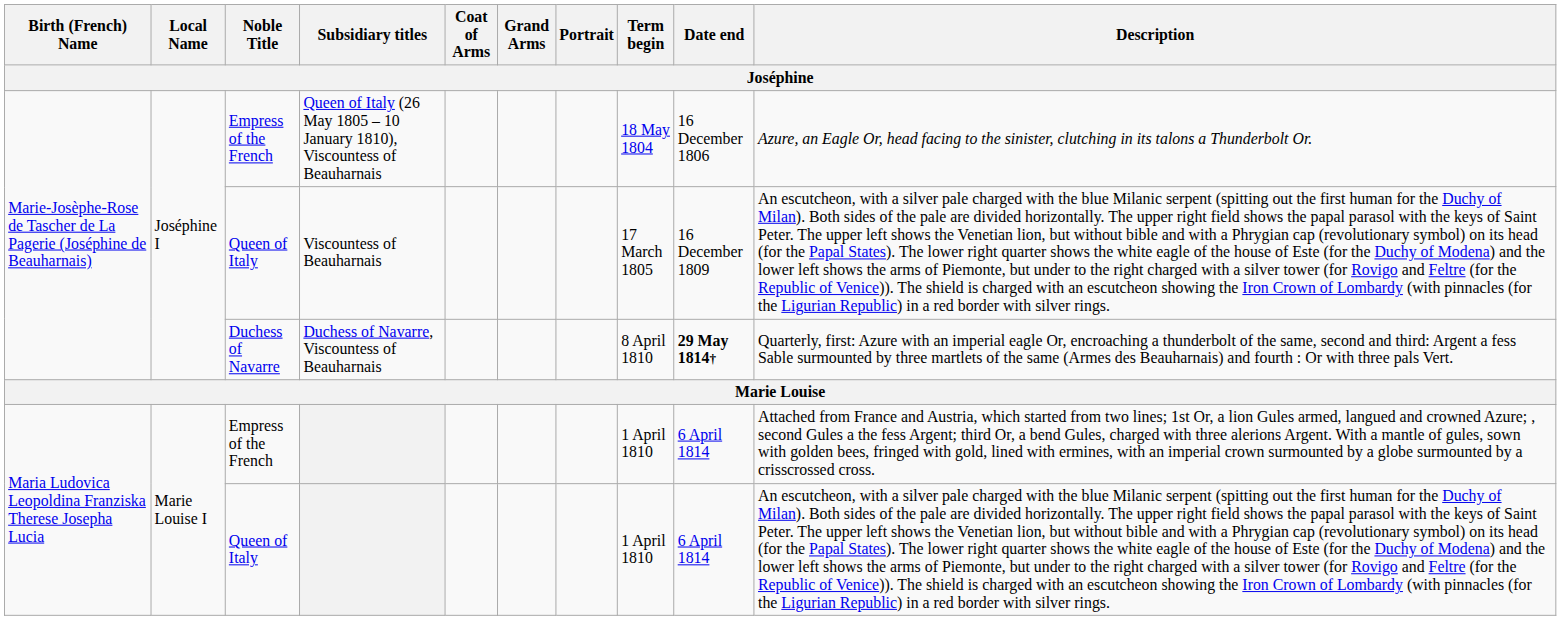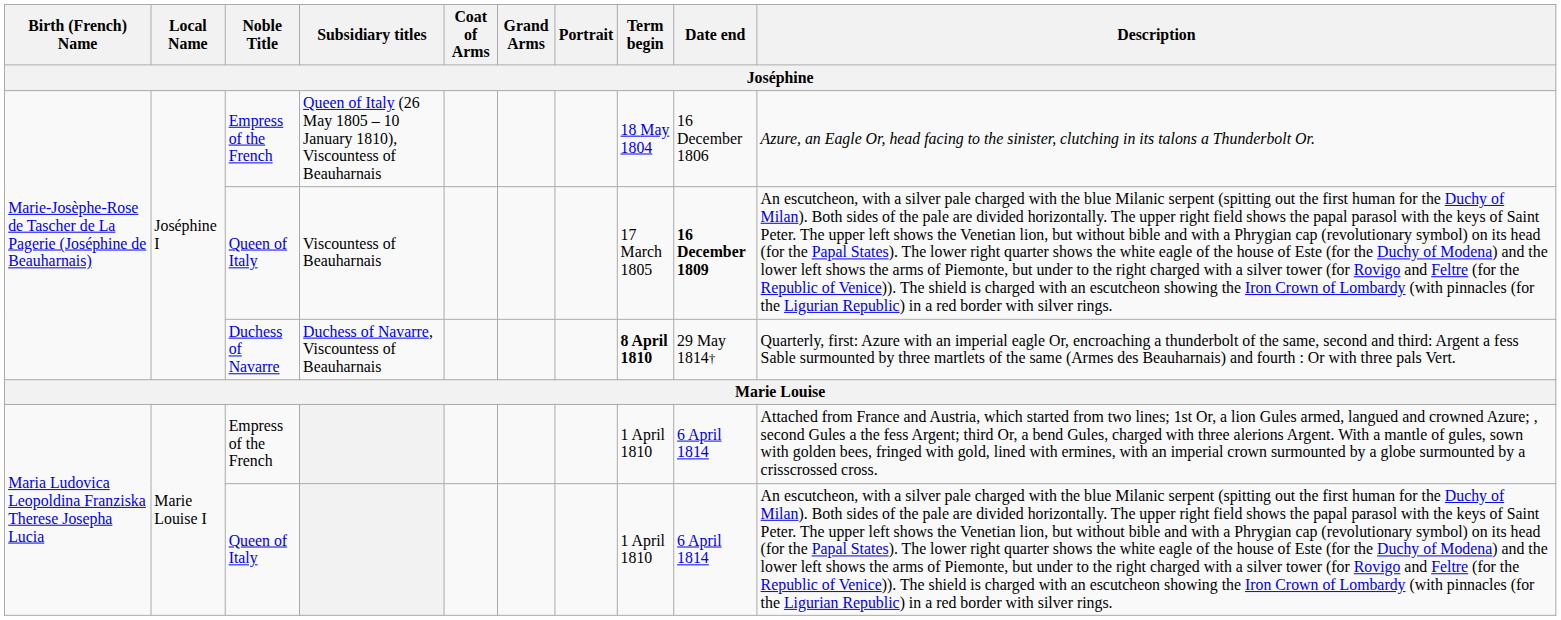 <table class="wikitable">
 <tr>
 <th>Birth (French) Name</th>
 <th>Local Name</th>
 <th>Noble Title</th>
 <th>Subsidiary titles</th>
 <th>Coat of Arms</th>
 <th>Grand Arms</th>
 <th>Portrait</th>
 <th>Term begin</th>
 <th>Date end</th>
 <th>Description</th>
 </tr>
 <tr>
 <th colspan="10">Joséphine</th>
 </tr>
 <tr>
 <td rowspan="3"><a href='#'>Marie-Josèphe-Rose de Tascher de La Pagerie (Joséphine de Beauharnais)</a></td>
 <td rowspan="3">Joséphine I</td>
 <td><a href='#'>Empress of the French</a></td>
 <td><a href='#'>Queen of Italy</a> (26 May 1805 – 10 January 1810), Viscountess of Beauharnais</td>
 <td></td>
 <td></td>
 <td></td>
 <td><a href='#'>18 May 1804</a></td>
 <td>16 December 1806</td>
 <td><em>Azure, an Eagle Or, head facing to the sinister, clutching in its talons a Thunderbolt Or.</em></td>
 </tr>
 <tr>
 <td><a href='#'>Queen of Italy</a></td>
 <td>Viscountess of Beauharnais</td>
 <td></td>
 <td></td>
 <td></td>
 <td>17 March 1805</td>
-<td>16 December 1809</td>
+<td><strong>16 December 1809</strong></td>
 <td>An escutcheon, with a silver pale charged with the blue Milanic serpent (spitting out the first human for the <a href='#'>Duchy of Milan</a>). Both sides of the pale are divided horizontally. The upper right field shows the papal parasol with the keys of Saint Peter. The upper left shows the Venetian lion, but without bible and with a Phrygian cap (revolutionary symbol) on its head (for the <a href='#'>Papal States</a>). The lower right quarter shows the white eagle of the house of Este (for the <a href='#'>Duchy of Modena</a>) and the lower left shows the arms of Piemonte, but under to the right charged with a silver tower (for <a href='#'>Rovigo</a> and <a href='#'>Feltre</a> (for the <a href='#'>Republic of Venice</a>)). The shield is charged with an escutcheon showing the <a href='#'>Iron Crown of Lombardy</a> (with pinnacles (for the <a href='#'>Ligurian Republic</a>) in a red border with silver rings.</td>
 </tr>
 <tr>
 <td><a href='#'>Duchess of Navarre</a></td>
 <td><a href='#'>Duchess of Navarre</a>,<br>Viscountess of Beauharnais</td>
 <td></td>
 <td></td>
 <td></td>
-<td>8 April 1810</td>
-<td><strong>29 May 1814<small>†</small></strong></td>
+<td><strong>8 April 1810</strong></td>
+<td>29 May 1814<small>†</small></td>
 <td>Quarterly, first: Azure with an imperial eagle Or, encroaching a thunderbolt of the same, second and third: Argent a fess Sable surmounted by three martlets of the same (Armes des Beauharnais) and fourth : Or with three pals Vert.</td>
 </tr>
 <tr>
 <th colspan="10">Marie Louise</th>
 </tr>
 <tr>
 <td rowspan="2"><a href='#'>Maria Ludovica Leopoldina Franziska Therese Josepha Lucia</a></td>
 <td rowspan="2">Marie Louise I</td>
 <td>Empress of the French</td>
 <th></th>
 <td></td>
 <td></td>
 <td></td>
 <td>1 April 1810</td>
 <td><a href='#'>6 April 1814</a></td>
 <td>Attached from France and Austria, which started from two lines; 1st Or, a lion Gules armed, langued and crowned Azure; , second Gules a the fess Argent; third Or, a bend Gules, charged with three alerions Argent. With a mantle of gules, sown with golden bees, fringed with gold, lined with ermines, with an imperial crown surmounted by a globe surmounted by a crisscrossed cross.</td>
 </tr>
 <tr>
 <td><a href='#'>Queen of Italy</a></td>
 <th></th>
 <td></td>
 <td></td>
 <td></td>
 <td>1 April 1810</td>
 <td><a href='#'>6 April 1814</a></td>
 <td>An escutcheon, with a silver pale charged with the blue Milanic serpent (spitting out the first human for the <a href='#'>Duchy of Milan</a>). Both sides of the pale are divided horizontally. The upper right field shows the papal parasol with the keys of Saint Peter. The upper left shows the Venetian lion, but without bible and with a Phrygian cap (revolutionary symbol) on its head (for the <a href='#'>Papal States</a>). The lower right quarter shows the white eagle of the house of Este (for the <a href='#'>Duchy of Modena</a>) and the lower left shows the arms of Piemonte, but under to the right charged with a silver tower (for <a href='#'>Rovigo</a> and <a href='#'>Feltre</a> (for the <a href='#'>Republic of Venice</a>)). The shield is charged with an escutcheon showing the <a href='#'>Iron Crown of Lombardy</a> (with pinnacles (for the <a href='#'>Ligurian Republic</a>) in a red border with silver rings.</td>
 </tr>
 </table>
